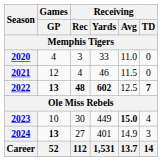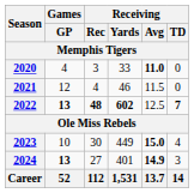 <table class="wikitable" style="text-align:center;">
 <tr>
 <th rowspan="2">Season</th>
 <th>Games</th>
 <th colspan="4">Receiving</th>
 </tr>
 <tr>
 <th>GP</th>
 <th>Rec</th>
 <th>Yards</th>
 <th>Avg</th>
 <th>TD</th>
 </tr>
 <tr>
 <th colspan="6">Memphis Tigers</th>
 </tr>
 <tr>
 <th><a href='#'>2020</a></th>
 <td>4</td>
 <td>3</td>
 <td>33</td>
-<td>11.0</td>
+<td><strong>11.0</strong></td>
 <td>0</td>
 </tr>
 <tr>
 <th><a href='#'>2021</a></th>
 <td>12</td>
 <td>4</td>
 <td>46</td>
 <td>11.5</td>
 <td>0</td>
 </tr>
 <tr>
 <th><a href='#'>2022</a></th>
 <td><strong>13</strong></td>
 <td><strong>48</strong></td>
 <td><strong>602</strong></td>
 <td>12.5</td>
 <td><strong>7</strong></td>
 </tr>
 <tr>
 <th colspan="6">Ole Miss Rebels</th>
 </tr>
 <tr>
 <th><a href='#'>2023</a></th>
 <td>10</td>
 <td>30</td>
 <td>449</td>
 <td><strong>15.0</strong></td>
 <td>4</td>
 </tr>
 <tr>
 <th><a href='#'>2024</a></th>
 <td><strong>13</strong></td>
 <td>27</td>
 <td>401</td>
-<td>14.9</td>
+<td><strong>14.9</strong></td>
 <td>3</td>
 </tr>
 <tr>
 <th>Career</th>
 <th>52</th>
 <th>112</th>
 <th>1,531</th>
 <th>13.7</th>
 <th>14</th>
 </tr>
 </table>
